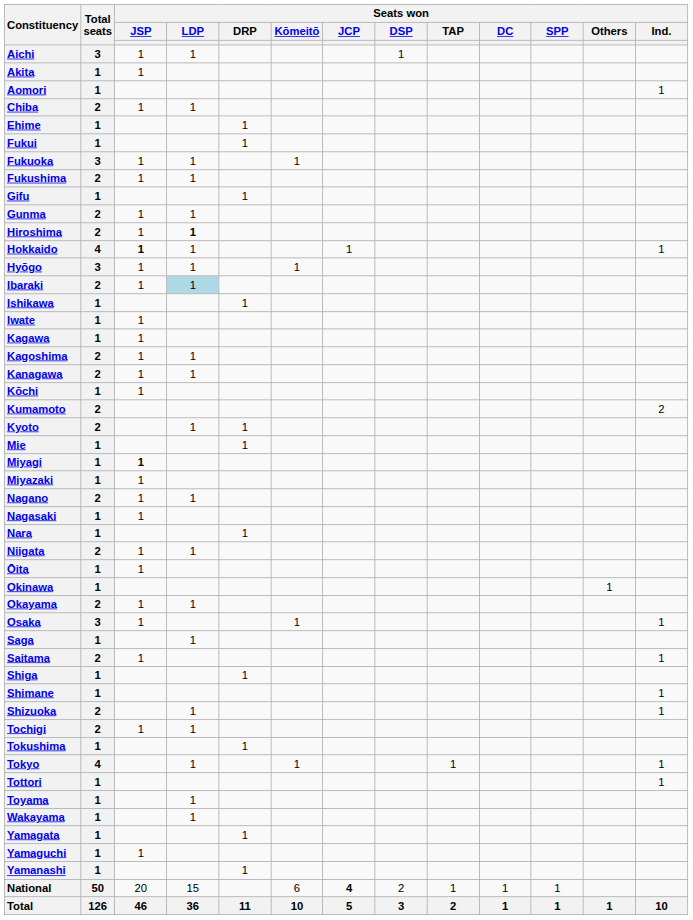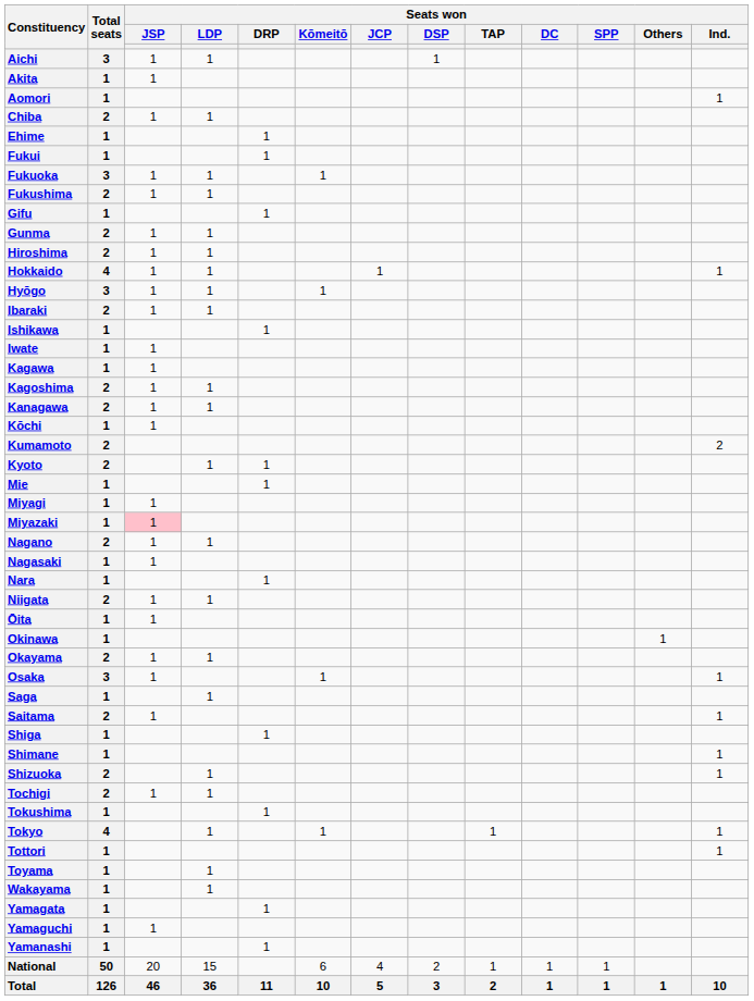 <table class="wikitable" style="text-align:center; font-size: 0.9em;">
 <tr>
 <th rowspan="3">Constituency</th>
 <th rowspan="3">Total<br>seats</th>
 <th colspan="11">Seats won</th>
 </tr>
 <tr>
 <th class="unsortable" style="width:60px;"><a href='#'>JSP</a></th>
 <th class="unsortable" style="width:60px;"><a href='#'>LDP</a></th>
 <th class="unsortable" style="width:60px;">DRP</th>
 <th class="unsortable" style="width:60px;"><a href='#'>Kōmeitō</a></th>
 <th class="unsortable" style="width:60px;"><a href='#'>JCP</a></th>
 <th class="unsortable" style="width:60px;"><a href='#'>DSP</a></th>
 <th class="unsortable" style="width:60px;">TAP</th>
 <th class="unsortable" style="width:60px;"><a href='#'>DC</a></th>
 <th class="unsortable" style="width:60px;"><a href='#'>SPP</a></th>
 <th class="unsortable" style="width:60px;">Others</th>
 <th class="unsortable" style="width:60px;">Ind.</th>
 </tr>
 <tr>
 <th style="background:"></th>
 <th style="background:"></th>
 <th style="background:"></th>
 <th style="background:"></th>
 <th style="background:"></th>
 <th style="background:"></th>
 <th></th>
 <th style="background:"></th>
 <th style="background:"></th>
 <th></th>
 <th style="background:"></th>
 </tr>
 <tr>
 <th style="text-align: left;"><a href='#'>Aichi</a></th>
 <th>3</th>
 <td>1</td>
 <td>1</td>
 <td></td>
 <td></td>
 <td></td>
 <td>1</td>
 <td></td>
 <td></td>
 <td></td>
 <td></td>
 <td></td>
 </tr>
 <tr>
 <th style="text-align: left;"><a href='#'>Akita</a></th>
 <th>1</th>
 <td>1</td>
 <td></td>
 <td></td>
 <td></td>
 <td></td>
 <td></td>
 <td></td>
 <td></td>
 <td></td>
 <td></td>
 <td></td>
 </tr>
 <tr>
 <th style="text-align: left;"><a href='#'>Aomori</a></th>
 <th>1</th>
 <td></td>
 <td></td>
 <td></td>
 <td></td>
 <td></td>
 <td></td>
 <td></td>
 <td></td>
 <td></td>
 <td></td>
 <td>1</td>
 </tr>
 <tr>
 <th style="text-align: left;"><a href='#'>Chiba</a></th>
 <th>2</th>
 <td>1</td>
 <td>1</td>
 <td></td>
 <td></td>
 <td></td>
 <td></td>
 <td></td>
 <td></td>
 <td></td>
 <td></td>
 <td></td>
 </tr>
 <tr>
 <th style="text-align: left;"><a href='#'>Ehime</a></th>
 <th>1</th>
 <td></td>
 <td></td>
 <td>1</td>
 <td></td>
 <td></td>
 <td></td>
 <td></td>
 <td></td>
 <td></td>
 <td></td>
 <td></td>
 </tr>
 <tr>
 <th style="text-align: left;"><a href='#'>Fukui</a></th>
 <th>1</th>
 <td></td>
 <td></td>
 <td>1</td>
 <td></td>
 <td></td>
 <td></td>
 <td></td>
 <td></td>
 <td></td>
 <td></td>
 <td></td>
 </tr>
 <tr>
 <th style="text-align: left;"><a href='#'>Fukuoka</a></th>
 <th>3</th>
 <td>1</td>
 <td>1</td>
 <td></td>
 <td>1</td>
 <td></td>
 <td></td>
 <td></td>
 <td></td>
 <td></td>
 <td></td>
 <td></td>
 </tr>
 <tr>
 <th style="text-align: left;"><a href='#'>Fukushima</a></th>
 <th>2</th>
 <td>1</td>
 <td>1</td>
 <td></td>
 <td></td>
 <td></td>
 <td></td>
 <td></td>
 <td></td>
 <td></td>
 <td></td>
 <td></td>
 </tr>
 <tr>
 <th style="text-align: left;"><a href='#'>Gifu</a></th>
 <th>1</th>
 <td></td>
 <td></td>
 <td>1</td>
 <td></td>
 <td></td>
 <td></td>
 <td></td>
 <td></td>
 <td></td>
 <td></td>
 <td></td>
 </tr>
 <tr>
 <th style="text-align: left;"><a href='#'>Gunma</a></th>
 <th>2</th>
 <td>1</td>
 <td>1</td>
 <td></td>
 <td></td>
 <td></td>
 <td></td>
 <td></td>
 <td></td>
 <td></td>
 <td></td>
 <td></td>
 </tr>
 <tr>
 <th style="text-align: left;"><a href='#'>Hiroshima</a></th>
 <th>2</th>
 <td>1</td>
-<td><strong>1</strong></td>
+<td>1</td>
 <td></td>
 <td></td>
 <td></td>
 <td></td>
 <td></td>
 <td></td>
 <td></td>
 <td></td>
 <td></td>
 </tr>
 <tr>
 <th style="text-align: left;"><a href='#'>Hokkaido</a></th>
 <th>4</th>
-<td><strong>1</strong></td>
+<td>1</td>
 <td>1</td>
 <td></td>
 <td></td>
 <td>1</td>
 <td></td>
 <td></td>
 <td></td>
 <td></td>
 <td></td>
 <td>1</td>
 </tr>
 <tr>
 <th style="text-align: left;"><a href='#'>Hyōgo</a></th>
 <th>3</th>
 <td>1</td>
 <td>1</td>
 <td></td>
 <td>1</td>
 <td></td>
 <td></td>
 <td></td>
 <td></td>
 <td></td>
 <td></td>
 <td></td>
 </tr>
 <tr>
 <th style="text-align: left;"><a href='#'>Ibaraki</a></th>
 <th>2</th>
 <td>1</td>
-<td style="background: lightblue;">1</td>
+<td>1</td>
 <td></td>
 <td></td>
 <td></td>
 <td></td>
 <td></td>
 <td></td>
 <td></td>
 <td></td>
 <td></td>
 </tr>
 <tr>
 <th style="text-align: left;"><a href='#'>Ishikawa</a></th>
 <th>1</th>
 <td></td>
 <td></td>
 <td>1</td>
 <td></td>
 <td></td>
 <td></td>
 <td></td>
 <td></td>
 <td></td>
 <td></td>
 <td></td>
 </tr>
 <tr>
 <th style="text-align: left;"><a href='#'>Iwate</a></th>
 <th>1</th>
 <td>1</td>
 <td></td>
 <td></td>
 <td></td>
 <td></td>
 <td></td>
 <td></td>
 <td></td>
 <td></td>
 <td></td>
 <td></td>
 </tr>
 <tr>
 <th style="text-align: left;"><a href='#'>Kagawa</a></th>
 <th>1</th>
 <td>1</td>
 <td></td>
 <td></td>
 <td></td>
 <td></td>
 <td></td>
 <td></td>
 <td></td>
 <td></td>
 <td></td>
 <td></td>
 </tr>
 <tr>
 <th style="text-align: left;"><a href='#'>Kagoshima</a></th>
 <th>2</th>
 <td>1</td>
 <td>1</td>
 <td></td>
 <td></td>
 <td></td>
 <td></td>
 <td></td>
 <td></td>
 <td></td>
 <td></td>
 <td></td>
 </tr>
 <tr>
 <th style="text-align: left;"><a href='#'>Kanagawa</a></th>
 <th>2</th>
 <td>1</td>
 <td>1</td>
 <td></td>
 <td></td>
 <td></td>
 <td></td>
 <td></td>
 <td></td>
 <td></td>
 <td></td>
 <td></td>
 </tr>
 <tr>
 <th style="text-align: left;"><a href='#'>Kōchi</a></th>
 <th>1</th>
 <td>1</td>
 <td></td>
 <td></td>
 <td></td>
 <td></td>
 <td></td>
 <td></td>
 <td></td>
 <td></td>
 <td></td>
 <td></td>
 </tr>
 <tr>
 <th style="text-align: left;"><a href='#'>Kumamoto</a></th>
 <th>2</th>
 <td></td>
 <td></td>
 <td></td>
 <td></td>
 <td></td>
 <td></td>
 <td></td>
 <td></td>
 <td></td>
 <td></td>
 <td>2</td>
 </tr>
 <tr>
 <th style="text-align: left;"><a href='#'>Kyoto</a></th>
 <th>2</th>
 <td></td>
 <td>1</td>
 <td>1</td>
 <td></td>
 <td></td>
 <td></td>
 <td></td>
 <td></td>
 <td></td>
 <td></td>
 <td></td>
 </tr>
 <tr>
 <th style="text-align: left;"><a href='#'>Mie</a></th>
 <th>1</th>
 <td></td>
 <td></td>
 <td>1</td>
 <td></td>
 <td></td>
 <td></td>
 <td></td>
 <td></td>
 <td></td>
 <td></td>
 <td></td>
 </tr>
 <tr>
 <th style="text-align: left;"><a href='#'>Miyagi</a></th>
 <th>1</th>
-<td><strong>1</strong></td>
+<td>1</td>
 <td></td>
 <td></td>
 <td></td>
 <td></td>
 <td></td>
 <td></td>
 <td></td>
 <td></td>
 <td></td>
 <td></td>
 </tr>
 <tr>
 <th style="text-align: left;"><a href='#'>Miyazaki</a></th>
 <th>1</th>
-<td>1</td>
+<td style="background: pink;">1</td>
 <td></td>
 <td></td>
 <td></td>
 <td></td>
 <td></td>
 <td></td>
 <td></td>
 <td></td>
 <td></td>
 <td></td>
 </tr>
 <tr>
 <th style="text-align: left;"><a href='#'>Nagano</a></th>
 <th>2</th>
 <td>1</td>
 <td>1</td>
 <td></td>
 <td></td>
 <td></td>
 <td></td>
 <td></td>
 <td></td>
 <td></td>
 <td></td>
 <td></td>
 </tr>
 <tr>
 <th style="text-align: left;"><a href='#'>Nagasaki</a></th>
 <th>1</th>
 <td>1</td>
 <td></td>
 <td></td>
 <td></td>
 <td></td>
 <td></td>
 <td></td>
 <td></td>
 <td></td>
 <td></td>
 <td></td>
 </tr>
 <tr>
 <th style="text-align: left;"><a href='#'>Nara</a></th>
 <th>1</th>
 <td></td>
 <td></td>
 <td>1</td>
 <td></td>
 <td></td>
 <td></td>
 <td></td>
 <td></td>
 <td></td>
 <td></td>
 <td></td>
 </tr>
 <tr>
 <th style="text-align: left;"><a href='#'>Niigata</a></th>
 <th>2</th>
 <td>1</td>
 <td>1</td>
 <td></td>
 <td></td>
 <td></td>
 <td></td>
 <td></td>
 <td></td>
 <td></td>
 <td></td>
 <td></td>
 </tr>
 <tr>
 <th style="text-align: left;"><a href='#'>Ōita</a></th>
 <th>1</th>
 <td>1</td>
 <td></td>
 <td></td>
 <td></td>
 <td></td>
 <td></td>
 <td></td>
 <td></td>
 <td></td>
 <td></td>
 <td></td>
 </tr>
 <tr>
 <th style="text-align: left;"><a href='#'>Okinawa</a></th>
 <th>1</th>
 <td></td>
 <td></td>
 <td></td>
 <td></td>
 <td></td>
 <td></td>
 <td></td>
 <td></td>
 <td></td>
 <td>1</td>
 <td></td>
 </tr>
 <tr>
 <th style="text-align: left;"><a href='#'>Okayama</a></th>
 <th>2</th>
 <td>1</td>
 <td>1</td>
 <td></td>
 <td></td>
 <td></td>
 <td></td>
 <td></td>
 <td></td>
 <td></td>
 <td></td>
 <td></td>
 </tr>
 <tr>
 <th style="text-align: left;"><a href='#'>Osaka</a></th>
 <th>3</th>
 <td>1</td>
 <td></td>
 <td></td>
 <td>1</td>
 <td></td>
 <td></td>
 <td></td>
 <td></td>
 <td></td>
 <td></td>
 <td>1</td>
 </tr>
 <tr>
 <th style="text-align: left;"><a href='#'>Saga</a></th>
 <th>1</th>
 <td></td>
 <td>1</td>
 <td></td>
 <td></td>
 <td></td>
 <td></td>
 <td></td>
 <td></td>
 <td></td>
 <td></td>
 <td></td>
 </tr>
 <tr>
 <th style="text-align: left;"><a href='#'>Saitama</a></th>
 <th>2</th>
 <td>1</td>
 <td></td>
 <td></td>
 <td></td>
 <td></td>
 <td></td>
 <td></td>
 <td></td>
 <td></td>
 <td></td>
 <td>1</td>
 </tr>
 <tr>
 <th style="text-align: left;"><a href='#'>Shiga</a></th>
 <th>1</th>
 <td></td>
 <td></td>
 <td>1</td>
 <td></td>
 <td></td>
 <td></td>
 <td></td>
 <td></td>
 <td></td>
 <td></td>
 <td></td>
 </tr>
 <tr>
 <th style="text-align: left;"><a href='#'>Shimane</a></th>
 <th>1</th>
 <td></td>
 <td></td>
 <td></td>
 <td></td>
 <td></td>
 <td></td>
 <td></td>
 <td></td>
 <td></td>
 <td></td>
 <td>1</td>
 </tr>
 <tr>
 <th style="text-align: left;"><a href='#'>Shizuoka</a></th>
 <th>2</th>
 <td></td>
 <td>1</td>
 <td></td>
 <td></td>
 <td></td>
 <td></td>
 <td></td>
 <td></td>
 <td></td>
 <td></td>
 <td>1</td>
 </tr>
 <tr>
 <th style="text-align: left;"><a href='#'>Tochigi</a></th>
 <th>2</th>
 <td>1</td>
 <td>1</td>
 <td></td>
 <td></td>
 <td></td>
 <td></td>
 <td></td>
 <td></td>
 <td></td>
 <td></td>
 <td></td>
 </tr>
 <tr>
 <th style="text-align: left;"><a href='#'>Tokushima</a></th>
 <th>1</th>
 <td></td>
 <td></td>
 <td>1</td>
 <td></td>
 <td></td>
 <td></td>
 <td></td>
 <td></td>
 <td></td>
 <td></td>
 <td></td>
 </tr>
 <tr>
 <th style="text-align: left;"><a href='#'>Tokyo</a></th>
 <th>4</th>
 <td></td>
 <td>1</td>
 <td></td>
 <td>1</td>
 <td></td>
 <td></td>
 <td>1</td>
 <td></td>
 <td></td>
 <td></td>
 <td>1</td>
 </tr>
 <tr>
 <th style="text-align: left;"><a href='#'>Tottori</a></th>
 <th>1</th>
 <td></td>
 <td></td>
 <td></td>
 <td></td>
 <td></td>
 <td></td>
 <td></td>
 <td></td>
 <td></td>
 <td></td>
 <td>1</td>
 </tr>
 <tr>
 <th style="text-align: left;"><a href='#'>Toyama</a></th>
 <th>1</th>
 <td></td>
 <td>1</td>
 <td></td>
 <td></td>
 <td></td>
 <td></td>
 <td></td>
 <td></td>
 <td></td>
 <td></td>
 <td></td>
 </tr>
 <tr>
 <th style="text-align: left;"><a href='#'>Wakayama</a></th>
 <th>1</th>
 <td></td>
 <td>1</td>
 <td></td>
 <td></td>
 <td></td>
 <td></td>
 <td></td>
 <td></td>
 <td></td>
 <td></td>
 <td></td>
 </tr>
 <tr>
 <th style="text-align: left;"><a href='#'>Yamagata</a></th>
 <th>1</th>
 <td></td>
 <td></td>
 <td>1</td>
 <td></td>
 <td></td>
 <td></td>
 <td></td>
 <td></td>
 <td></td>
 <td></td>
 <td></td>
 </tr>
 <tr>
 <th style="text-align: left;"><a href='#'>Yamaguchi</a></th>
 <th>1</th>
 <td>1</td>
 <td></td>
 <td></td>
 <td></td>
 <td></td>
 <td></td>
 <td></td>
 <td></td>
 <td></td>
 <td></td>
 <td></td>
 </tr>
 <tr>
 <th style="text-align: left;"><a href='#'>Yamanashi</a></th>
 <th>1</th>
 <td></td>
 <td></td>
 <td>1</td>
 <td></td>
 <td></td>
 <td></td>
 <td></td>
 <td></td>
 <td></td>
 <td></td>
 <td></td>
 </tr>
 <tr>
 <th style="text-align: left;">National</th>
 <th>50</th>
 <td>20</td>
 <td>15</td>
 <td></td>
 <td>6</td>
-<td><strong>4</strong></td>
+<td>4</td>
 <td>2</td>
 <td>1</td>
 <td>1</td>
 <td>1</td>
 <td></td>
 <td></td>
 </tr>
 <tr class="sortbottom">
 <th style="text-align: left;">Total</th>
 <th>126</th>
 <th>46</th>
 <th>36</th>
 <th>11</th>
 <th>10</th>
 <th>5</th>
 <th>3</th>
 <th>2</th>
 <th>1</th>
 <th>1</th>
 <th>1</th>
 <th>10</th>
 </tr>
 </table>
